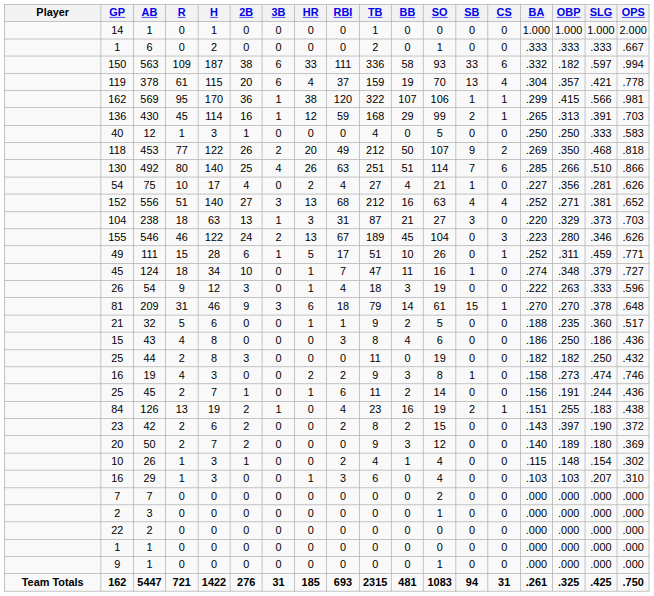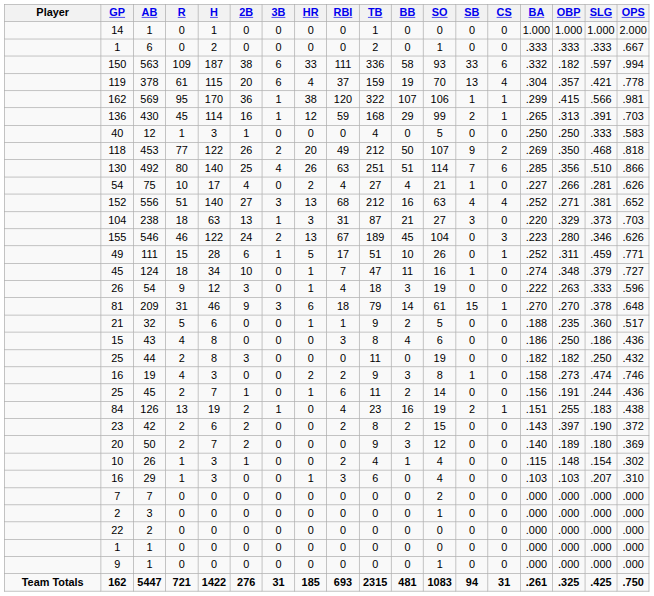 <table class="wikitable sortable">
 <tr>
 <th bgcolor="#DDDDFF" width="15%">Player</th>
 <th bgcolor="#DDDDFF" width="5%"><a href='#'>GP</a></th>
 <th bgcolor="#DDDDFF" width="5%"><a href='#'>AB</a></th>
 <th bgcolor="#DDDDFF" width="5%"><a href='#'>R</a></th>
 <th bgcolor="#DDDDFF" width="5%"><a href='#'>H</a></th>
 <th bgcolor="#DDDDFF" width="5%"><a href='#'>2B</a></th>
 <th bgcolor="#DDDDFF" width="5%"><a href='#'>3B</a></th>
 <th bgcolor="#DDDDFF" width="5%"><a href='#'>HR</a></th>
 <th bgcolor="#DDDDFF" width="5%"><a href='#'>RBI</a></th>
 <th bgcolor="#DDDDFF" width="5%"><a href='#'>TB</a></th>
 <th bgcolor="#DDDDFF" width="5%"><a href='#'>BB</a></th>
 <th bgcolor="#DDDDFF" width="5%"><a href='#'>SO</a></th>
 <th bgcolor="#DDDDFF" width="5%"><a href='#'>SB</a></th>
 <th bgcolor="#DDDDFF" width="5%"><a href='#'>CS</a></th>
 <th bgcolor="#DDDDFF" width="5%"><a href='#'>BA</a></th>
 <th bgcolor="#DDDDFF" width="5%"><a href='#'>OBP</a></th>
 <th bgcolor="#DDDDFF" width="5%"><a href='#'>SLG</a></th>
 <th bgcolor="#DDDDFF" width="5%"><a href='#'>OPS</a></th>
 </tr>
 <tr align="center">
 <td></td>
 <td>14</td>
 <td>1</td>
 <td>0</td>
 <td>1</td>
 <td>0</td>
 <td>0</td>
 <td>0</td>
 <td>0</td>
 <td>1</td>
 <td>0</td>
 <td>0</td>
 <td>0</td>
 <td>0</td>
 <td>1.000</td>
 <td>1.000</td>
 <td>1.000</td>
 <td>2.000</td>
 </tr>
 <tr align="center">
 <td></td>
 <td>1</td>
 <td>6</td>
 <td>0</td>
 <td>2</td>
 <td>0</td>
 <td>0</td>
 <td>0</td>
 <td>0</td>
 <td>2</td>
 <td>0</td>
 <td>1</td>
 <td>0</td>
 <td>0</td>
 <td>.333</td>
 <td>.333</td>
 <td>.333</td>
 <td>.667</td>
 </tr>
 <tr align="center">
 <td><strong></strong></td>
 <td>150</td>
 <td>563</td>
 <td>109</td>
 <td>187</td>
 <td>38</td>
 <td>6</td>
 <td>33</td>
 <td>111</td>
 <td>336</td>
 <td>58</td>
 <td>93</td>
 <td>33</td>
 <td>6</td>
 <td>.332</td>
 <td>.182</td>
 <td>.597</td>
 <td>.994</td>
 </tr>
 <tr align="center">
 <td><strong></strong></td>
 <td>119</td>
 <td>378</td>
 <td>61</td>
 <td>115</td>
 <td>20</td>
 <td>6</td>
 <td>4</td>
 <td>37</td>
 <td>159</td>
 <td>19</td>
 <td>70</td>
 <td>13</td>
 <td>4</td>
 <td>.304</td>
 <td>.357</td>
 <td>.421</td>
 <td>.778</td>
 </tr>
 <tr align="center">
 <td><strong></strong></td>
 <td>162</td>
 <td>569</td>
 <td>95</td>
 <td>170</td>
 <td>36</td>
 <td>1</td>
 <td>38</td>
 <td>120</td>
 <td>322</td>
 <td>107</td>
 <td>106</td>
 <td>1</td>
 <td>1</td>
 <td>.299</td>
 <td>.415</td>
 <td>.566</td>
 <td>.981</td>
 </tr>
 <tr align="center">
 <td><strong></strong></td>
 <td>136</td>
 <td>430</td>
 <td>45</td>
 <td>114</td>
 <td>16</td>
 <td>1</td>
 <td>12</td>
 <td>59</td>
 <td>168</td>
 <td>29</td>
 <td>99</td>
 <td>2</td>
 <td>1</td>
 <td>.265</td>
 <td>.313</td>
 <td>.391</td>
 <td>.703</td>
 </tr>
 <tr align="center">
 <td></td>
 <td>40</td>
 <td>12</td>
 <td>1</td>
 <td>3</td>
 <td>1</td>
 <td>0</td>
 <td>0</td>
 <td>0</td>
 <td>4</td>
 <td>0</td>
 <td>5</td>
 <td>0</td>
 <td>0</td>
 <td>.250</td>
 <td>.250</td>
 <td>.333</td>
 <td>.583</td>
 </tr>
 <tr align="center">
 <td><strong></strong></td>
 <td>118</td>
 <td>453</td>
 <td>77</td>
 <td>122</td>
 <td>26</td>
 <td>2</td>
 <td>20</td>
 <td>49</td>
 <td>212</td>
 <td>50</td>
 <td>107</td>
 <td>9</td>
 <td>2</td>
 <td>.269</td>
 <td>.350</td>
 <td>.468</td>
 <td>.818</td>
 </tr>
 <tr align="center">
 <td><strong></strong></td>
 <td>130</td>
 <td>492</td>
 <td>80</td>
 <td>140</td>
 <td>25</td>
 <td>4</td>
 <td>26</td>
 <td>63</td>
 <td>251</td>
 <td>51</td>
 <td>114</td>
 <td>7</td>
 <td>6</td>
 <td>.285</td>
-<td>.266</td>
+<td>.356</td>
 <td>.510</td>
 <td>.866</td>
 </tr>
 <tr align="center">
 <td></td>
 <td>54</td>
 <td>75</td>
 <td>10</td>
 <td>17</td>
 <td>4</td>
 <td>0</td>
 <td>2</td>
 <td>4</td>
 <td>27</td>
 <td>4</td>
 <td>21</td>
 <td>1</td>
 <td>0</td>
 <td>.227</td>
-<td>.356</td>
+<td>.266</td>
 <td>.281</td>
 <td>.626</td>
 </tr>
 <tr align="center">
 <td><strong></strong></td>
 <td>152</td>
 <td>556</td>
 <td>51</td>
 <td>140</td>
 <td>27</td>
 <td>3</td>
 <td>13</td>
 <td>68</td>
 <td>212</td>
 <td>16</td>
 <td>63</td>
 <td>4</td>
 <td>4</td>
 <td>.252</td>
 <td>.271</td>
 <td>.381</td>
 <td>.652</td>
 </tr>
 <tr align="center">
 <td></td>
 <td>104</td>
 <td>238</td>
 <td>18</td>
 <td>63</td>
 <td>13</td>
 <td>1</td>
 <td>3</td>
 <td>31</td>
 <td>87</td>
 <td>21</td>
 <td>27</td>
 <td>3</td>
 <td>0</td>
 <td>.220</td>
 <td>.329</td>
 <td>.373</td>
 <td>.703</td>
 </tr>
 <tr align="center">
 <td><strong></strong></td>
 <td>155</td>
 <td>546</td>
 <td>46</td>
 <td>122</td>
 <td>24</td>
 <td>2</td>
 <td>13</td>
 <td>67</td>
 <td>189</td>
 <td>45</td>
 <td>104</td>
 <td>0</td>
 <td>3</td>
 <td>.223</td>
 <td>.280</td>
 <td>.346</td>
 <td>.626</td>
 </tr>
 <tr align="center">
 <td></td>
 <td>49</td>
 <td>111</td>
 <td>15</td>
 <td>28</td>
 <td>6</td>
 <td>1</td>
 <td>5</td>
 <td>17</td>
 <td>51</td>
 <td>10</td>
 <td>26</td>
 <td>0</td>
 <td>1</td>
 <td>.252</td>
 <td>.311</td>
 <td>.459</td>
 <td>.771</td>
 </tr>
 <tr align="center">
 <td></td>
 <td>45</td>
 <td>124</td>
 <td>18</td>
 <td>34</td>
 <td>10</td>
 <td>0</td>
 <td>1</td>
 <td>7</td>
 <td>47</td>
 <td>11</td>
 <td>16</td>
 <td>1</td>
 <td>0</td>
 <td>.274</td>
 <td>.348</td>
 <td>.379</td>
 <td>.727</td>
 </tr>
 <tr align="center">
 <td></td>
 <td>26</td>
 <td>54</td>
 <td>9</td>
 <td>12</td>
 <td>3</td>
 <td>0</td>
 <td>1</td>
 <td>4</td>
 <td>18</td>
 <td>3</td>
 <td>19</td>
 <td>0</td>
 <td>0</td>
 <td>.222</td>
 <td>.263</td>
 <td>.333</td>
 <td>.596</td>
 </tr>
 <tr align="center">
 <td></td>
 <td>81</td>
 <td>209</td>
 <td>31</td>
 <td>46</td>
 <td>9</td>
 <td>3</td>
 <td>6</td>
 <td>18</td>
 <td>79</td>
 <td>14</td>
 <td>61</td>
 <td>15</td>
 <td>1</td>
 <td>.270</td>
 <td>.270</td>
 <td>.378</td>
 <td>.648</td>
 </tr>
 <tr align="center">
 <td></td>
 <td>21</td>
 <td>32</td>
 <td>5</td>
 <td>6</td>
 <td>0</td>
 <td>0</td>
 <td>1</td>
 <td>1</td>
 <td>9</td>
 <td>2</td>
 <td>5</td>
 <td>0</td>
 <td>0</td>
 <td>.188</td>
 <td>.235</td>
 <td>.360</td>
 <td>.517</td>
 </tr>
 <tr align="center">
 <td></td>
 <td>15</td>
 <td>43</td>
 <td>4</td>
 <td>8</td>
 <td>0</td>
 <td>0</td>
 <td>0</td>
 <td>3</td>
 <td>8</td>
 <td>4</td>
 <td>6</td>
 <td>0</td>
 <td>0</td>
 <td>.186</td>
 <td>.250</td>
 <td>.186</td>
 <td>.436</td>
 </tr>
 <tr align="center">
 <td></td>
 <td>25</td>
 <td>44</td>
 <td>2</td>
 <td>8</td>
 <td>3</td>
 <td>0</td>
 <td>0</td>
 <td>0</td>
 <td>11</td>
 <td>0</td>
 <td>19</td>
 <td>0</td>
 <td>0</td>
 <td>.182</td>
 <td>.182</td>
 <td>.250</td>
 <td>.432</td>
 </tr>
 <tr align="center">
 <td></td>
 <td>16</td>
 <td>19</td>
 <td>4</td>
 <td>3</td>
 <td>0</td>
 <td>0</td>
 <td>2</td>
 <td>2</td>
 <td>9</td>
 <td>3</td>
 <td>8</td>
 <td>1</td>
 <td>0</td>
 <td>.158</td>
 <td>.273</td>
 <td>.474</td>
 <td>.746</td>
 </tr>
 <tr align="center">
 <td></td>
 <td>25</td>
 <td>45</td>
 <td>2</td>
 <td>7</td>
 <td>1</td>
 <td>0</td>
 <td>1</td>
 <td>6</td>
 <td>11</td>
 <td>2</td>
 <td>14</td>
 <td>0</td>
 <td>0</td>
 <td>.156</td>
 <td>.191</td>
 <td>.244</td>
 <td>.436</td>
 </tr>
 <tr align="center">
 <td></td>
 <td>84</td>
 <td>126</td>
 <td>13</td>
 <td>19</td>
 <td>2</td>
 <td>1</td>
 <td>0</td>
 <td>4</td>
 <td>23</td>
 <td>16</td>
 <td>19</td>
 <td>2</td>
 <td>1</td>
 <td>.151</td>
 <td>.255</td>
 <td>.183</td>
 <td>.438</td>
 </tr>
 <tr align="center">
 <td></td>
 <td>23</td>
 <td>42</td>
 <td>2</td>
 <td>6</td>
 <td>2</td>
 <td>0</td>
 <td>0</td>
 <td>2</td>
 <td>8</td>
 <td>2</td>
 <td>15</td>
 <td>0</td>
 <td>0</td>
 <td>.143</td>
 <td>.397</td>
 <td>.190</td>
 <td>.372</td>
 </tr>
 <tr align="center">
 <td></td>
 <td>20</td>
 <td>50</td>
 <td>2</td>
 <td>7</td>
 <td>2</td>
 <td>0</td>
 <td>0</td>
 <td>0</td>
 <td>9</td>
 <td>3</td>
 <td>12</td>
 <td>0</td>
 <td>0</td>
 <td>.140</td>
 <td>.189</td>
 <td>.180</td>
 <td>.369</td>
 </tr>
 <tr align="center">
 <td></td>
 <td>10</td>
 <td>26</td>
 <td>1</td>
 <td>3</td>
 <td>1</td>
 <td>0</td>
 <td>0</td>
 <td>2</td>
 <td>4</td>
 <td>1</td>
 <td>4</td>
 <td>0</td>
 <td>0</td>
 <td>.115</td>
 <td>.148</td>
 <td>.154</td>
 <td>.302</td>
 </tr>
 <tr align="center">
 <td></td>
 <td>16</td>
 <td>29</td>
 <td>1</td>
 <td>3</td>
 <td>0</td>
 <td>0</td>
 <td>1</td>
 <td>3</td>
 <td>6</td>
 <td>0</td>
 <td>4</td>
 <td>0</td>
 <td>0</td>
 <td>.103</td>
 <td>.103</td>
 <td>.207</td>
 <td>.310</td>
 </tr>
 <tr align="center">
 <td></td>
 <td>7</td>
 <td>7</td>
 <td>0</td>
 <td>0</td>
 <td>0</td>
 <td>0</td>
 <td>0</td>
 <td>0</td>
 <td>0</td>
 <td>0</td>
 <td>2</td>
 <td>0</td>
 <td>0</td>
 <td>.000</td>
 <td>.000</td>
 <td>.000</td>
 <td>.000</td>
 </tr>
 <tr align="center">
 <td></td>
 <td>2</td>
 <td>3</td>
 <td>0</td>
 <td>0</td>
 <td>0</td>
 <td>0</td>
 <td>0</td>
 <td>0</td>
 <td>0</td>
 <td>0</td>
 <td>1</td>
 <td>0</td>
 <td>0</td>
 <td>.000</td>
 <td>.000</td>
 <td>.000</td>
 <td>.000</td>
 </tr>
 <tr align="center">
 <td></td>
 <td>22</td>
 <td>2</td>
 <td>0</td>
 <td>0</td>
 <td>0</td>
 <td>0</td>
 <td>0</td>
 <td>0</td>
 <td>0</td>
 <td>0</td>
 <td>0</td>
 <td>0</td>
 <td>0</td>
 <td>.000</td>
 <td>.000</td>
 <td>.000</td>
 <td>.000</td>
 </tr>
 <tr align="center">
 <td></td>
 <td>1</td>
 <td>1</td>
 <td>0</td>
 <td>0</td>
 <td>0</td>
 <td>0</td>
 <td>0</td>
 <td>0</td>
 <td>0</td>
 <td>0</td>
 <td>0</td>
 <td>0</td>
 <td>0</td>
 <td>.000</td>
 <td>.000</td>
 <td>.000</td>
 <td>.000</td>
 </tr>
 <tr align="center">
 <td></td>
 <td>9</td>
 <td>1</td>
 <td>0</td>
 <td>0</td>
 <td>0</td>
 <td>0</td>
 <td>0</td>
 <td>0</td>
 <td>0</td>
 <td>0</td>
 <td>1</td>
 <td>0</td>
 <td>0</td>
 <td>.000</td>
 <td>.000</td>
 <td>.000</td>
 <td>.000</td>
 </tr>
 <tr align="center">
 <td><strong>Team Totals</strong></td>
 <td><strong>162</strong></td>
 <td><strong>5447</strong></td>
 <td><strong>721</strong></td>
 <td><strong>1422</strong></td>
 <td><strong>276</strong></td>
 <td><strong>31</strong></td>
 <td><strong>185</strong></td>
 <td><strong>693</strong></td>
 <td><strong>2315</strong></td>
 <td><strong>481</strong></td>
 <td><strong>1083</strong></td>
 <td><strong>94</strong></td>
 <td><strong>31</strong></td>
 <td><strong>.261</strong></td>
 <td><strong>.325</strong></td>
 <td><strong>.425</strong></td>
 <td><strong>.750</strong></td>
 </tr>
 </table>
